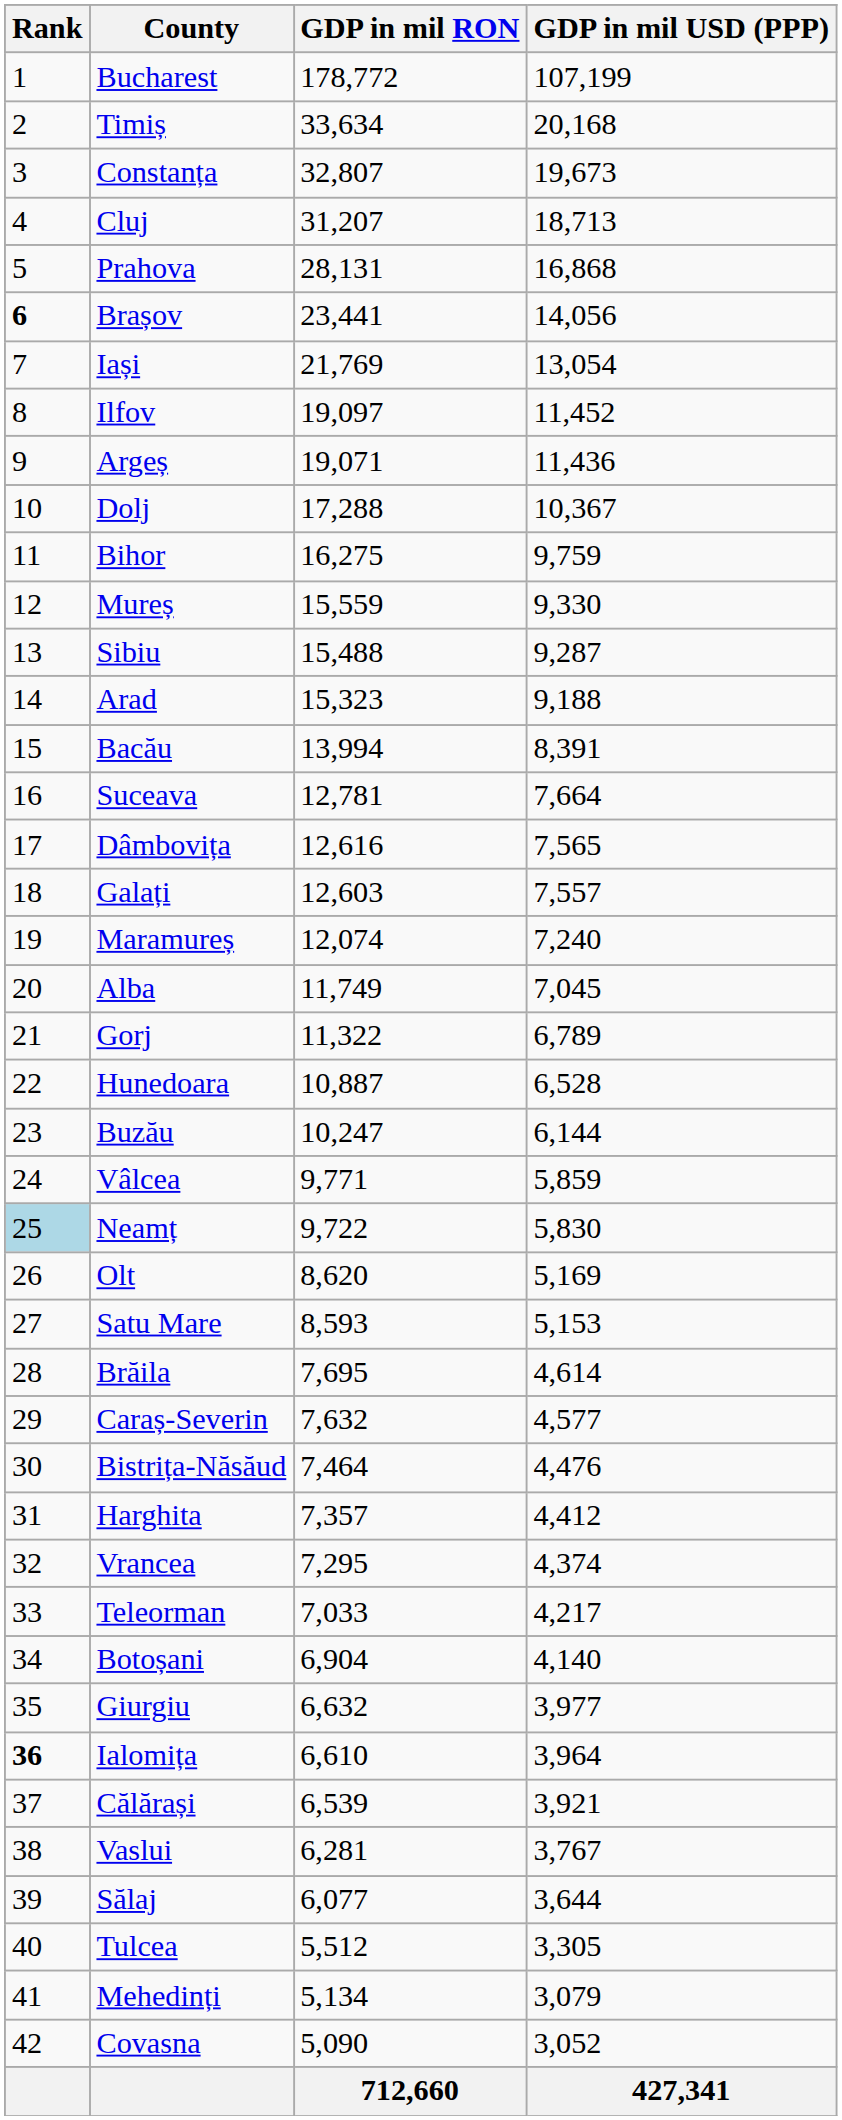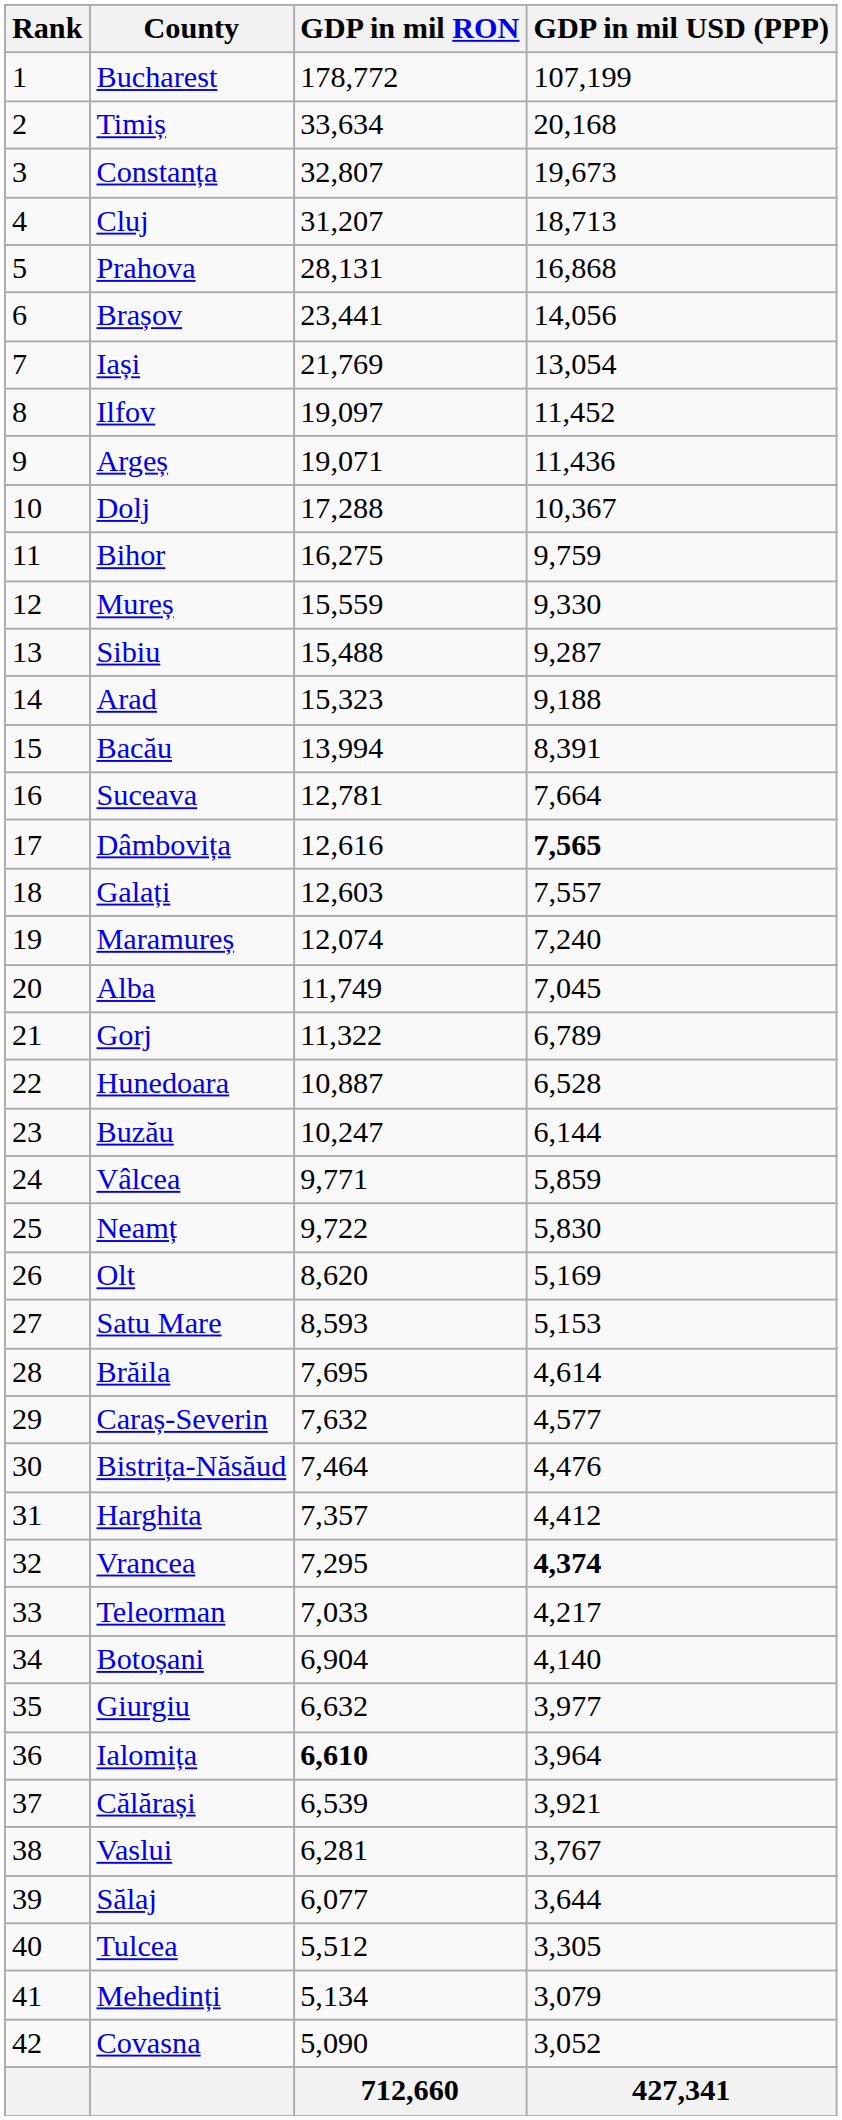 <table class="wikitable sortable">
 <tr>
 <th>Rank</th>
 <th>County</th>
 <th>GDP in mil <a href='#'>RON</a></th>
 <th>GDP in mil USD (PPP)</th>
 </tr>
 <tr>
 <td>1</td>
 <td><a href='#'>Bucharest</a></td>
 <td>178,772</td>
 <td>107,199</td>
 </tr>
 <tr>
 <td>2</td>
 <td><a href='#'>Timiș</a></td>
 <td>33,634</td>
 <td>20,168</td>
 </tr>
 <tr>
 <td>3</td>
 <td><a href='#'>Constanța</a></td>
 <td>32,807</td>
 <td>19,673</td>
 </tr>
 <tr>
 <td>4</td>
 <td><a href='#'>Cluj</a></td>
 <td>31,207</td>
 <td>18,713</td>
 </tr>
 <tr>
 <td>5</td>
 <td><a href='#'>Prahova</a></td>
 <td>28,131</td>
 <td>16,868</td>
 </tr>
 <tr>
-<td><strong>6</strong></td>
+<td>6</td>
 <td><a href='#'>Brașov</a></td>
 <td>23,441</td>
 <td>14,056</td>
 </tr>
 <tr>
 <td>7</td>
 <td><a href='#'>Iași</a></td>
 <td>21,769</td>
 <td>13,054</td>
 </tr>
 <tr>
 <td>8</td>
 <td><a href='#'>Ilfov</a></td>
 <td>19,097</td>
 <td>11,452</td>
 </tr>
 <tr>
 <td>9</td>
 <td><a href='#'>Argeș</a></td>
 <td>19,071</td>
 <td>11,436</td>
 </tr>
 <tr>
 <td>10</td>
 <td><a href='#'>Dolj</a></td>
 <td>17,288</td>
 <td>10,367</td>
 </tr>
 <tr>
 <td>11</td>
 <td><a href='#'>Bihor</a></td>
 <td>16,275</td>
 <td>9,759</td>
 </tr>
 <tr>
 <td>12</td>
 <td><a href='#'>Mureș</a></td>
 <td>15,559</td>
 <td>9,330</td>
 </tr>
 <tr>
 <td>13</td>
 <td><a href='#'>Sibiu</a></td>
 <td>15,488</td>
 <td>9,287</td>
 </tr>
 <tr>
 <td>14</td>
 <td><a href='#'>Arad</a></td>
 <td>15,323</td>
 <td>9,188</td>
 </tr>
 <tr>
 <td>15</td>
 <td><a href='#'>Bacău</a></td>
 <td>13,994</td>
 <td>8,391</td>
 </tr>
 <tr>
 <td>16</td>
 <td><a href='#'>Suceava</a></td>
 <td>12,781</td>
 <td>7,664</td>
 </tr>
 <tr>
 <td>17</td>
 <td><a href='#'>Dâmbovița</a></td>
 <td>12,616</td>
-<td>7,565</td>
+<td><strong>7,565</strong></td>
 </tr>
 <tr>
 <td>18</td>
 <td><a href='#'>Galați</a></td>
 <td>12,603</td>
 <td>7,557</td>
 </tr>
 <tr>
 <td>19</td>
 <td><a href='#'>Maramureș</a></td>
 <td>12,074</td>
 <td>7,240</td>
 </tr>
 <tr>
 <td>20</td>
 <td><a href='#'>Alba</a></td>
 <td>11,749</td>
 <td>7,045</td>
 </tr>
 <tr>
 <td>21</td>
 <td><a href='#'>Gorj</a></td>
 <td>11,322</td>
 <td>6,789</td>
 </tr>
 <tr>
 <td>22</td>
 <td><a href='#'>Hunedoara</a></td>
 <td>10,887</td>
 <td>6,528</td>
 </tr>
 <tr>
 <td>23</td>
 <td><a href='#'>Buzău</a></td>
 <td>10,247</td>
 <td>6,144</td>
 </tr>
 <tr>
 <td>24</td>
 <td><a href='#'>Vâlcea</a></td>
 <td>9,771</td>
 <td>5,859</td>
 </tr>
 <tr>
-<td style="background: lightblue;">25</td>
+<td>25</td>
 <td><a href='#'>Neamț</a></td>
 <td>9,722</td>
 <td>5,830</td>
 </tr>
 <tr>
 <td>26</td>
 <td><a href='#'>Olt</a></td>
 <td>8,620</td>
 <td>5,169</td>
 </tr>
 <tr>
 <td>27</td>
 <td><a href='#'>Satu Mare</a></td>
 <td>8,593</td>
 <td>5,153</td>
 </tr>
 <tr>
 <td>28</td>
 <td><a href='#'>Brăila</a></td>
 <td>7,695</td>
 <td>4,614</td>
 </tr>
 <tr>
 <td>29</td>
 <td><a href='#'>Caraș-Severin</a></td>
 <td>7,632</td>
 <td>4,577</td>
 </tr>
 <tr>
 <td>30</td>
 <td><a href='#'>Bistrița-Năsăud</a></td>
 <td>7,464</td>
 <td>4,476</td>
 </tr>
 <tr>
 <td>31</td>
 <td><a href='#'>Harghita</a></td>
 <td>7,357</td>
 <td>4,412</td>
 </tr>
 <tr>
 <td>32</td>
 <td><a href='#'>Vrancea</a></td>
 <td>7,295</td>
-<td>4,374</td>
+<td><strong>4,374</strong></td>
 </tr>
 <tr>
 <td>33</td>
 <td><a href='#'>Teleorman</a></td>
 <td>7,033</td>
 <td>4,217</td>
 </tr>
 <tr>
 <td>34</td>
 <td><a href='#'>Botoșani</a></td>
 <td>6,904</td>
 <td>4,140</td>
 </tr>
 <tr>
 <td>35</td>
 <td><a href='#'>Giurgiu</a></td>
 <td>6,632</td>
 <td>3,977</td>
 </tr>
 <tr>
-<td><strong>36</strong></td>
+<td>36</td>
 <td><a href='#'>Ialomița</a></td>
-<td>6,610</td>
+<td><strong>6,610</strong></td>
 <td>3,964</td>
 </tr>
 <tr>
 <td>37</td>
 <td><a href='#'>Călărași</a></td>
 <td>6,539</td>
 <td>3,921</td>
 </tr>
 <tr>
 <td>38</td>
 <td><a href='#'>Vaslui</a></td>
 <td>6,281</td>
 <td>3,767</td>
 </tr>
 <tr>
 <td>39</td>
 <td><a href='#'>Sălaj</a></td>
 <td>6,077</td>
 <td>3,644</td>
 </tr>
 <tr>
 <td>40</td>
 <td><a href='#'>Tulcea</a></td>
 <td>5,512</td>
 <td>3,305</td>
 </tr>
 <tr>
 <td>41</td>
 <td><a href='#'>Mehedinți</a></td>
 <td>5,134</td>
 <td>3,079</td>
 </tr>
 <tr>
 <td>42</td>
 <td><a href='#'>Covasna</a></td>
 <td>5,090</td>
 <td>3,052</td>
 </tr>
 <tr>
 <th></th>
 <th></th>
 <th>712,660</th>
 <th>427,341</th>
 </tr>
 </table>
